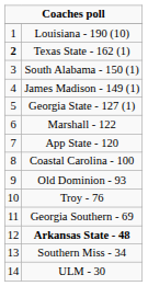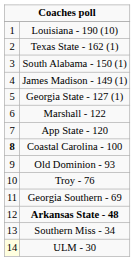 <table class="wikitable" style="display: inline-table;">
 <tr>
 <td align="center" Colspan="3"><strong>Coaches poll</strong></td>
 </tr>
 <tr align="center">
 </tr>
 <tr align="center">
 <td>1</td>
 <td>Louisiana - 190 (10)</td>
 </tr>
 <tr align="center">
-<td><strong>2</strong></td>
+<td>2</td>
 <td>Texas State - 162 (1)</td>
 </tr>
 <tr align="center">
 <td>3</td>
 <td>South Alabama - 150 (1)</td>
 </tr>
 <tr align="center">
 <td>4</td>
 <td>James Madison - 149 (1)</td>
 </tr>
 <tr align="center">
 <td>5</td>
 <td>Georgia State - 127 (1)</td>
 </tr>
 <tr align="center">
 <td>6</td>
 <td>Marshall - 122</td>
 </tr>
 <tr align="center">
 <td>7</td>
 <td>App State - 120</td>
 </tr>
 <tr align="center">
-<td>8</td>
+<td><strong>8</strong></td>
 <td>Coastal Carolina - 100</td>
 </tr>
 <tr align="center">
 <td>9</td>
 <td>Old Dominion - 93</td>
 </tr>
 <tr align="center">
 <td>10</td>
 <td>Troy - 76</td>
 </tr>
 <tr align="center">
 <td>11</td>
 <td>Georgia Southern - 69</td>
 </tr>
 <tr align="center">
 <td>12</td>
 <td><strong>Arkansas State - 48</strong></td>
 </tr>
 <tr align="center">
 <td>13</td>
 <td>Southern Miss - 34</td>
 </tr>
 <tr align="center">
-<td>14</td>
+<td style="background: lightyellow;">14</td>
 <td>ULM - 30</td>
 </tr>
 </table>
